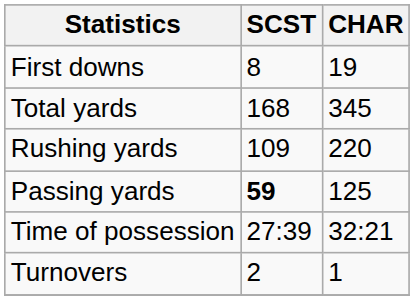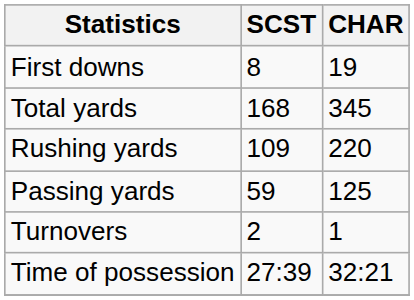 <table class="wikitable" style="float: left;">
 <tr>
 <th>Statistics</th>
 <th>SCST</th>
 <th>CHAR</th>
 </tr>
 <tr>
 <td>First downs</td>
 <td>8</td>
 <td>19</td>
 </tr>
 <tr>
 <td>Total yards</td>
 <td>168</td>
 <td>345</td>
 </tr>
 <tr>
 <td>Rushing yards</td>
 <td>109</td>
 <td>220</td>
 </tr>
 <tr>
 <td>Passing yards</td>
-<td><strong>59</strong></td>
+<td>59</td>
 <td>125</td>
+</tr>
+<tr>
+<td>Turnovers</td>
+<td>2</td>
+<td>1</td>
 </tr>
 <tr>
 <td>Time of possession</td>
 <td>27:39</td>
 <td>32:21</td>
 </tr>
 <tr>
-<td>Turnovers</td>
-<td>2</td>
-<td>1</td>
-</tr>
-<tr>
 </tr>
 </table>
